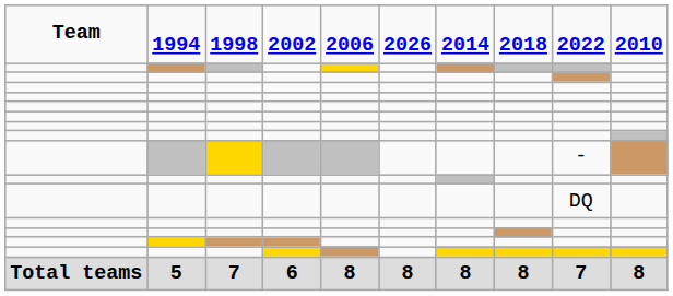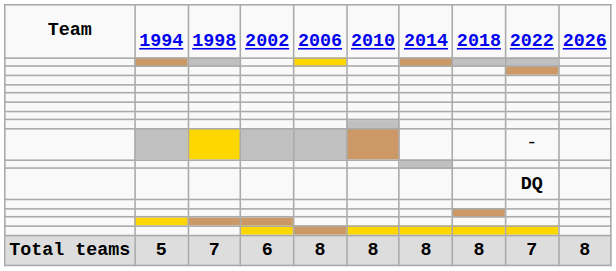 <table class="wikitable" style="text-align:center; font-size:90%">
 <tr bgcolor=>
 <td><strong>Team</strong></td>
 <td><strong><br><a href='#'>1994</a></strong></td>
 <td><strong><br><a href='#'>1998</a></strong></td>
 <td><strong><br><a href='#'>2002</a></strong></td>
 <td><strong><br><a href='#'>2006</a></strong></td>
-<td><strong><br><a href='#'>2026</a></strong></td>
+<td><strong><br><a href='#'>2010</a></strong></td>
 <td><strong><br><a href='#'>2014</a></strong></td>
 <td><strong><br><a href='#'>2018</a></strong></td>
 <td><strong><br><a href='#'>2022</a></strong></td>
-<td><strong><br><a href='#'>2010</a></strong></td>
+<td><strong><br><a href='#'>2026</a></strong></td>
 </tr>
 <tr>
 <td align=left></td>
 <td bgcolor=cc9966></td>
 <td bgcolor=silver></td>
 <td></td>
 <td bgcolor=gold></td>
 <td></td>
 <td bgcolor=cc9966></td>
 <td bgcolor=silver></td>
 <td bgcolor=silver></td>
 <td></td>
 </tr>
 <tr>
 <td align=left></td>
 <td></td>
 <td></td>
 <td></td>
 <td></td>
 <td></td>
 <td></td>
 <td></td>
 <td bgcolor=cc9966></td>
 <td></td>
 </tr>
 <tr>
 <td align=left></td>
 <td></td>
 <td></td>
 <td></td>
 <td></td>
 <td></td>
 <td></td>
 <td></td>
 <td></td>
 <td></td>
 </tr>
 <tr>
 <td align=left></td>
 <td></td>
 <td></td>
 <td></td>
 <td></td>
 <td></td>
 <td></td>
 <td></td>
 <td></td>
 <td></td>
 </tr>
 <tr>
 <td align=left></td>
 <td></td>
 <td></td>
 <td></td>
 <td></td>
 <td></td>
 <td></td>
 <td></td>
 <td></td>
 <td></td>
 </tr>
 <tr>
 <td align=left></td>
 <td></td>
 <td></td>
 <td></td>
 <td></td>
 <td></td>
 <td></td>
 <td></td>
 <td></td>
 <td></td>
 </tr>
 <tr>
 <td align=left></td>
 <td></td>
 <td></td>
 <td></td>
 <td></td>
 <td></td>
 <td></td>
 <td></td>
 <td></td>
 <td></td>
 </tr>
 <tr>
 <td align=left></td>
 <td></td>
 <td></td>
 <td></td>
 <td></td>
+<td bgcolor=silver></td>
 <td></td>
 <td></td>
 <td></td>
 <td></td>
-<td bgcolor=silver></td>
 </tr>
 <tr>
 <td align=left></td>
 <td bgcolor=silver></td>
 <td bgcolor=gold></td>
 <td bgcolor=silver></td>
 <td bgcolor=silver></td>
-<td></td>
+<td bgcolor=cc9966></td>
 <td></td>
 <td></td>
 <td>-</td>
-<td bgcolor=cc9966></td>
+<td></td>
 </tr>
 <tr>
 <td align=left></td>
 <td></td>
 <td></td>
 <td></td>
 <td></td>
 <td></td>
 <td bgcolor=silver></td>
 <td></td>
 <td></td>
 <td></td>
 </tr>
 <tr>
 <td align=left></td>
 <td></td>
 <td></td>
 <td></td>
 <td></td>
 <td></td>
 <td></td>
 <td></td>
-<td>DQ</td>
+<td><strong>DQ</strong></td>
 <td></td>
 </tr>
 <tr>
 <td align=left></td>
 <td></td>
 <td></td>
 <td></td>
 <td></td>
 <td></td>
 <td></td>
 <td></td>
 <td></td>
 <td></td>
 </tr>
 <tr>
 <td align=left></td>
 <td></td>
 <td></td>
 <td></td>
 <td></td>
 <td></td>
 <td></td>
 <td bgcolor=cc9966></td>
 <td></td>
 <td></td>
 </tr>
 <tr>
 <td align=left></td>
 <td bgcolor=gold></td>
 <td bgcolor=cc9966></td>
 <td bgcolor=cc9966></td>
 <td></td>
 <td></td>
 <td></td>
 <td></td>
 <td></td>
 <td></td>
 </tr>
 <tr>
 <td align=left></td>
 <td></td>
 <td></td>
 <td bgcolor=gold></td>
 <td bgcolor=cc9966></td>
-<td></td>
 <td bgcolor=gold></td>
 <td bgcolor=gold></td>
 <td bgcolor=gold></td>
 <td bgcolor=gold></td>
+<td></td>
 </tr>
 <tr style="background:#ddd" class="sortbottom">
 <td align=left><strong>Total teams</strong></td>
 <td><strong>5</strong></td>
 <td><strong>7</strong></td>
 <td><strong>6</strong></td>
 <td><strong>8</strong></td>
 <td><strong>8</strong></td>
 <td><strong>8</strong></td>
 <td><strong>8</strong></td>
 <td><strong>7</strong></td>
 <td><strong>8</strong></td>
 </tr>
 </table>
